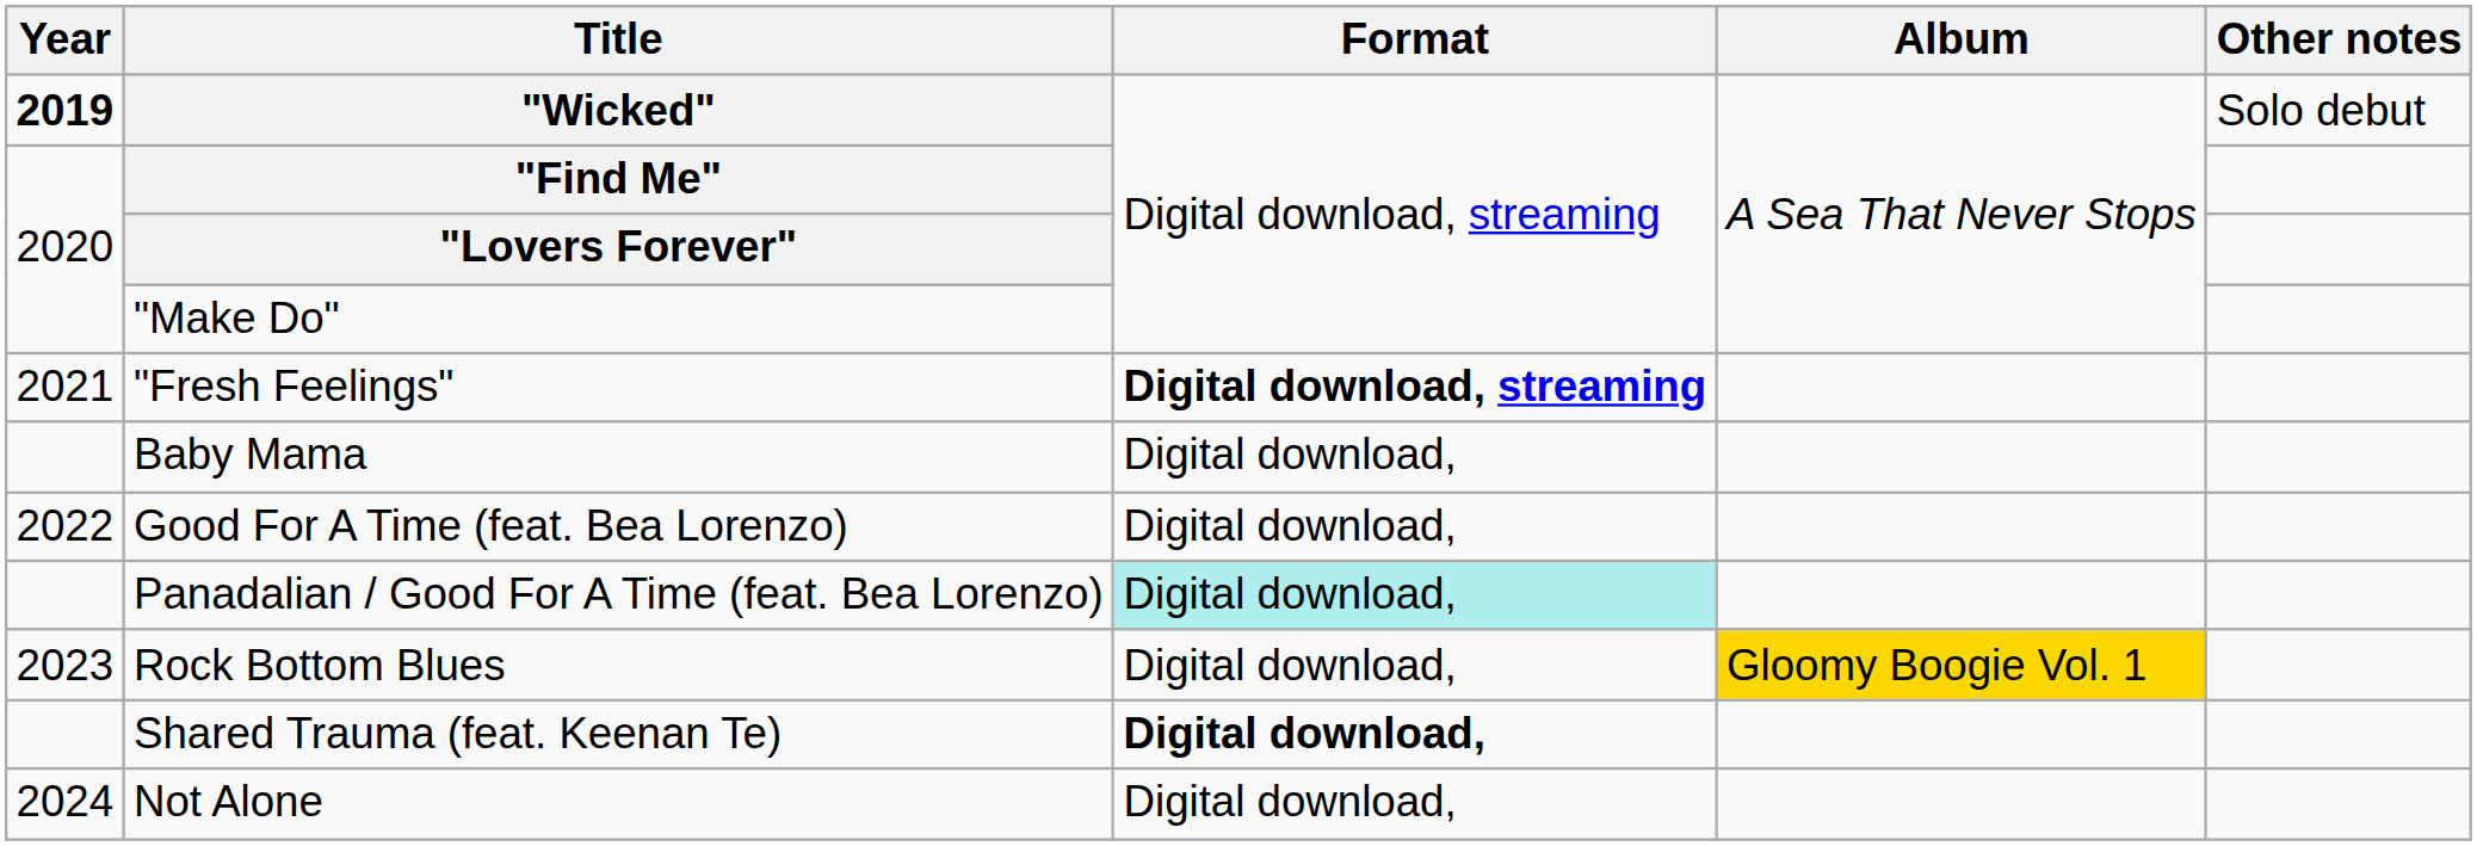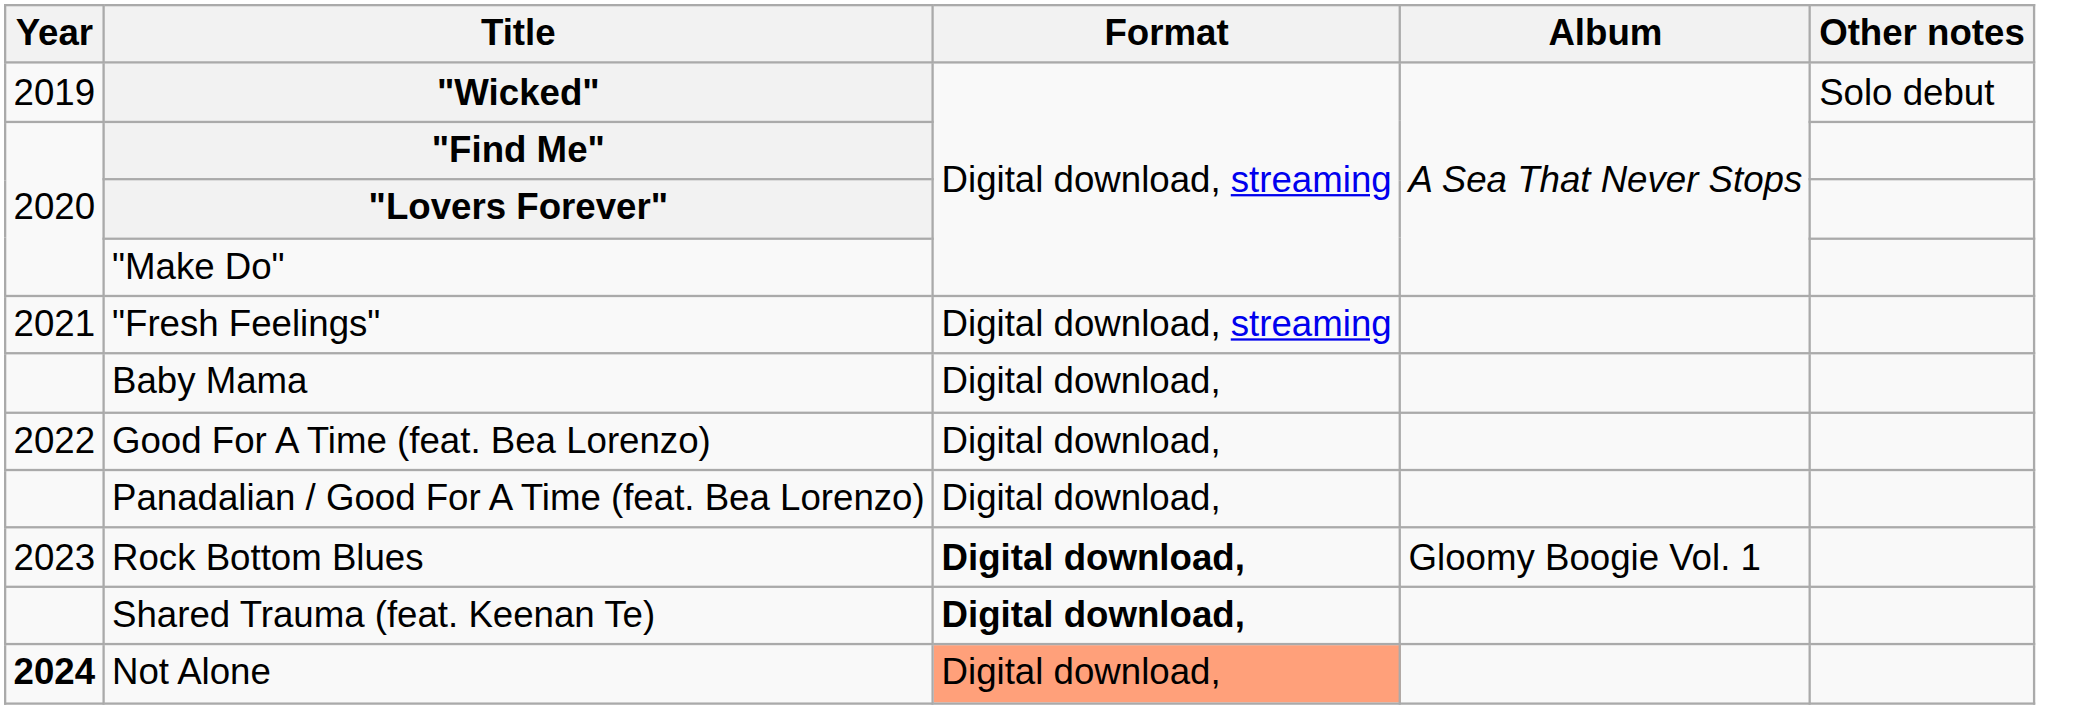 <table class="wikitable plainrowheaders">
 <tr>
 <th>Year</th>
 <th>Title</th>
 <th>Format</th>
 <th>Album</th>
 <th>Other notes</th>
 </tr>
 <tr>
-<td><strong>2019</strong></td>
+<td>2019</td>
 <th scope="row">"Wicked"</th>
 <td rowspan="4">Digital download, <a href='#'>streaming</a></td>
 <td rowspan="4"><em>A Sea That Never Stops</em></td>
 <td>Solo debut</td>
 </tr>
 <tr>
 <td rowspan="3">2020</td>
 <th scope="row">"Find Me"</th>
 <td></td>
 </tr>
 <tr>
 <th scope="row">"Lovers Forever"</th>
 <td></td>
 </tr>
 <tr>
 <td>"Make Do"</td>
 <td></td>
 </tr>
 <tr>
 <td>2021</td>
 <td>"Fresh Feelings"</td>
-<td><strong>Digital download, <a href='#'>streaming</a></strong></td>
+<td>Digital download, <a href='#'>streaming</a></td>
 <td></td>
 <td></td>
 </tr>
 <tr>
 <td></td>
 <td>Baby Mama</td>
 <td>Digital download, </td>
 <td></td>
 <td></td>
 </tr>
 <tr>
 <td>2022</td>
 <td>Good For A Time (feat. Bea Lorenzo)</td>
 <td>Digital download, </td>
 <td></td>
 <td></td>
 </tr>
 <tr>
 <td></td>
 <td>Panadalian / Good For A Time (feat. Bea Lorenzo)</td>
-<td style="background: paleturquoise;">Digital download, </td>
+<td>Digital download, </td>
 <td></td>
 <td></td>
 </tr>
 <tr>
 <td>2023</td>
 <td>Rock Bottom Blues</td>
-<td>Digital download, </td>
-<td style="background: gold;">Gloomy Boogie Vol. 1</td>
+<td><strong>Digital download, </strong></td>
+<td>Gloomy Boogie Vol. 1</td>
 <td></td>
 </tr>
 <tr>
 <td></td>
 <td>Shared Trauma (feat. Keenan Te)</td>
 <td><strong>Digital download, </strong></td>
 <td></td>
 <td></td>
 </tr>
 <tr>
-<td>2024</td>
+<td><strong>2024</strong></td>
 <td>Not Alone</td>
-<td>Digital download, </td>
+<td style="background: lightsalmon;">Digital download, </td>
 <td></td>
 <td></td>
 </tr>
 </table>
